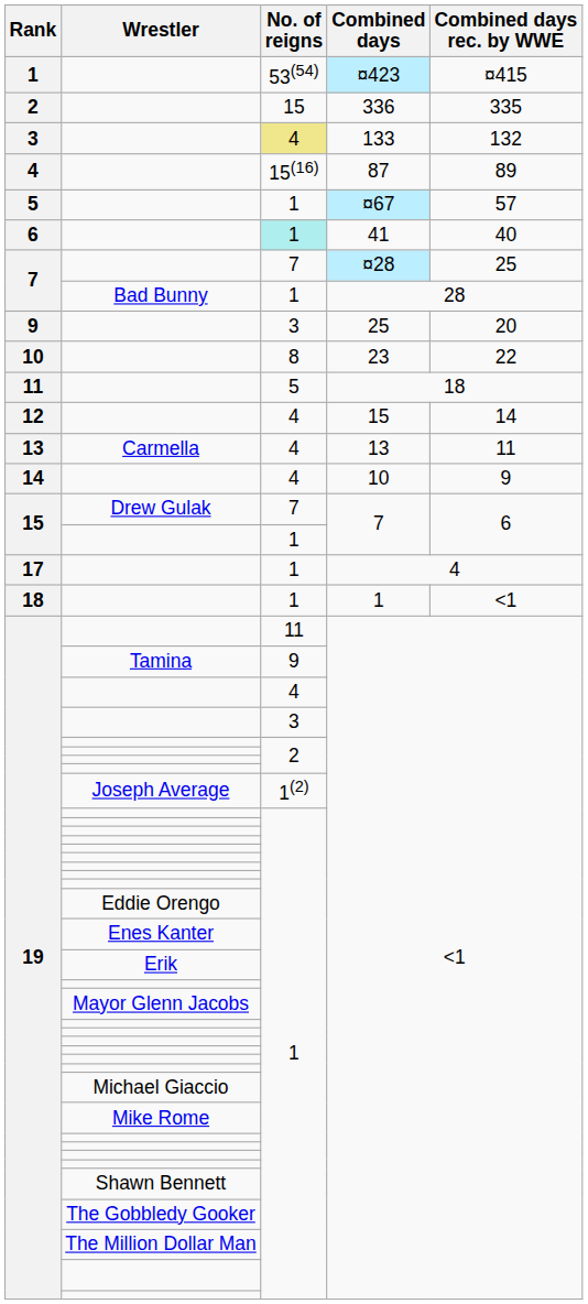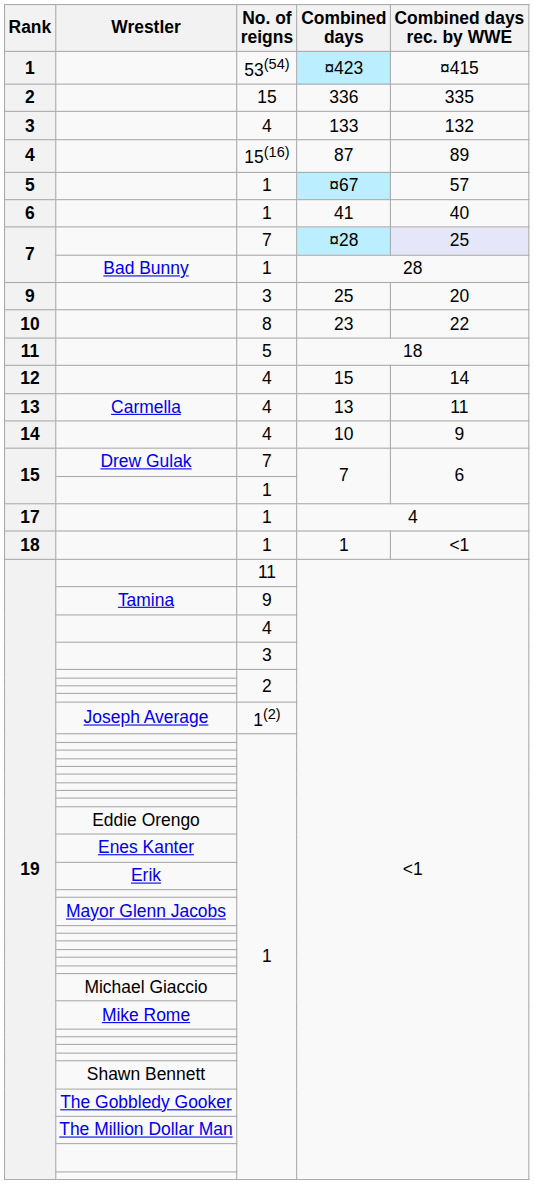 <table class="wikitable sortable" style="text-align: center">
 <tr>
 <th>Rank</th>
 <th>Wrestler</th>
 <th data-sort-type="number">No. of<br>reigns</th>
 <th data-sort-type="number">Combined<br>days</th>
 <th data-sort-type="number">Combined days<br>rec. by WWE</th>
 </tr>
 <tr>
 <th>1</th>
 <td></td>
 <td>53<sup>(54)</sup></td>
 <td style="background-color:#bbeeff">¤423</td>
 <td>¤415</td>
 </tr>
 <tr>
 <th>2</th>
 <td></td>
 <td>15</td>
 <td>336</td>
 <td>335</td>
 </tr>
 <tr>
 <th>3</th>
 <td></td>
-<td style="background: khaki;">4</td>
+<td>4</td>
 <td>133</td>
 <td>132</td>
 </tr>
 <tr>
 <th>4</th>
 <td></td>
 <td>15<sup>(16)</sup></td>
 <td>87</td>
 <td>89</td>
 </tr>
 <tr>
 <th>5</th>
 <td></td>
 <td>1</td>
 <td style="background-color:#bbeeff">¤67</td>
 <td>57</td>
 </tr>
 <tr>
 <th>6</th>
 <td></td>
-<td style="background: paleturquoise;">1</td>
+<td>1</td>
 <td>41</td>
 <td>40</td>
 </tr>
 <tr>
 <th rowspan=2>7</th>
 <td></td>
 <td>7</td>
 <td style="background-color:#bbeeff">¤28</td>
-<td>25</td>
+<td style="background: lavender;">25</td>
 </tr>
 <tr>
 <td><a href='#'>Bad Bunny</a></td>
 <td>1</td>
 <td colspan=2>28</td>
 </tr>
 <tr>
 <th>9</th>
 <td></td>
 <td>3</td>
 <td>25</td>
 <td>20</td>
 </tr>
 <tr>
 <th>10</th>
 <td></td>
 <td>8</td>
 <td>23</td>
 <td>22</td>
 </tr>
 <tr>
 <th>11</th>
 <td></td>
 <td>5</td>
 <td colspan=2>18</td>
 </tr>
 <tr>
 <th>12</th>
 <td></td>
 <td>4</td>
 <td>15</td>
 <td>14</td>
 </tr>
 <tr>
 <th>13</th>
 <td><a href='#'>Carmella</a></td>
 <td>4</td>
 <td>13</td>
 <td>11</td>
 </tr>
 <tr>
 <th>14</th>
 <td></td>
 <td>4</td>
 <td>10</td>
 <td>9</td>
 </tr>
 <tr>
 <th rowspan=2>15</th>
 <td><a href='#'>Drew Gulak</a></td>
 <td>7</td>
 <td rowspan=2>7</td>
 <td colspan=2 rowspan=2>6</td>
 </tr>
 <tr>
 <td></td>
 <td>1</td>
 </tr>
 <tr>
 <th>17</th>
 <td></td>
 <td>1</td>
 <td colspan=2>4</td>
 </tr>
 <tr>
 <th>18</th>
 <td></td>
 <td>1</td>
 <td>1</td>
 <td><1</td>
 </tr>
 <tr>
 <th rowspan=40>19</th>
 <td></td>
 <td>11</td>
 <td colspan=2 rowspan=40><1</td>
 </tr>
 <tr>
 <td><a href='#'>Tamina</a></td>
 <td>9</td>
 </tr>
 <tr>
 <td></td>
 <td>4</td>
 </tr>
 <tr>
 <td></td>
 <td>3</td>
 </tr>
 <tr>
 <td></td>
 <td rowspan=4>2</td>
 </tr>
 <tr>
 <td></td>
 </tr>
 <tr>
 <td></td>
 </tr>
 <tr>
 <td></td>
 </tr>
 <tr>
 <td><a href='#'>Joseph Average</a></td>
 <td>1<sup>(2)</sup></td>
 </tr>
 <tr>
 <td></td>
 <td rowspan=31>1</td>
 </tr>
 <tr>
 <td></td>
 </tr>
 <tr>
 <td></td>
 </tr>
 <tr>
 <td></td>
 </tr>
 <tr>
 <td></td>
 </tr>
 <tr>
 <td></td>
 </tr>
 <tr>
 <td></td>
 </tr>
 <tr>
 <td></td>
 </tr>
 <tr>
 <td></td>
 </tr>
 <tr>
 <td>Eddie Orengo</td>
 </tr>
 <tr>
 <td><a href='#'>Enes Kanter</a></td>
 </tr>
 <tr>
 <td><a href='#'>Erik</a></td>
 </tr>
 <tr>
 <td></td>
 </tr>
 <tr>
 <td><a href='#'>Mayor Glenn Jacobs</a></td>
 </tr>
 <tr>
 <td></td>
 </tr>
 <tr>
 <td></td>
 </tr>
 <tr>
 <td></td>
 </tr>
 <tr>
 <td></td>
 </tr>
 <tr>
 <td></td>
 </tr>
 <tr>
 <td></td>
 </tr>
 <tr>
 <td>Michael Giaccio</td>
 </tr>
 <tr>
 <td><a href='#'>Mike Rome</a></td>
 </tr>
 <tr>
 <td></td>
 </tr>
 <tr>
 <td></td>
 </tr>
 <tr>
 <td></td>
 </tr>
 <tr>
 <td></td>
 </tr>
 <tr>
 <td>Shawn Bennett</td>
 </tr>
 <tr>
 <td><a href='#'>The Gobbledy Gooker</a></td>
 </tr>
 <tr>
 <td><a href='#'>The Million Dollar Man</a></td>
 </tr>
 <tr>
 <td><br></td>
 </tr>
 <tr>
 <td></td>
 </tr>
 </table>
